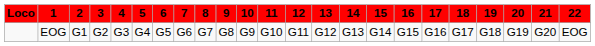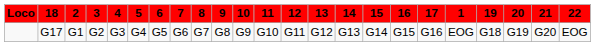 <table class="wikitable plainrowheaders unsortable" style="text-align:center">
 <tr>
 <th scope="col" rowspan="1" style="background:RED;">Loco</th>
-<th scope="col" rowspan="1" style="background:RED;">1</th>
+<th rowspan="1" scope="col" style="background:RED;">18</th>
 <th scope="col" rowspan="1" style="background:RED;">2</th>
 <th scope="col" rowspan="1" style="background:RED;">3</th>
 <th scope="col" rowspan="1" style="background:RED;">4</th>
 <th scope="col" rowspan="1" style="background:RED;">5</th>
 <th scope="col" rowspan="1" style="background:RED;">6</th>
 <th scope="col" rowspan="1" style="background:RED;">7</th>
 <th scope="col" rowspan="1" style="background:RED;">8</th>
 <th scope="col" rowspan="1" style="background:RED;">9</th>
 <th scope="col" rowspan="1" style="background:RED;">10</th>
 <th scope="col" rowspan="1" style="background:RED;">11</th>
 <th scope="col" rowspan="1" style="background:RED;">12</th>
 <th scope="col" rowspan="1" style="background:RED;">13</th>
 <th scope="col" rowspan="1" style="background:RED;">14</th>
 <th scope="col" rowspan="1" style="background:RED;">15</th>
 <th scope="col" rowspan="1" style="background:RED;">16</th>
 <th scope="col" rowspan="1" style="background:RED;">17</th>
-<th rowspan="1" scope="col" style="background:RED;">18</th>
+<th scope="col" rowspan="1" style="background:RED;">1</th>
 <th rowspan="1" scope="col" style="background:RED;">19</th>
 <th rowspan="1" scope="col" style="background:RED;">20</th>
 <th rowspan="1" scope="col" style="background:RED;">21</th>
 <th rowspan="1" scope="col" style="background:RED;">22</th>
 </tr>
 <tr>
 <td></td>
-<td>EOG</td>
+<td>G17</td>
 <td>G1</td>
 <td>G2</td>
 <td>G3</td>
 <td>G4</td>
 <td>G5</td>
 <td>G6</td>
 <td>G7</td>
 <td>G8</td>
 <td>G9</td>
 <td>G10</td>
 <td>G11</td>
 <td>G12</td>
 <td>G13</td>
 <td>G14</td>
 <td>G15</td>
 <td>G16</td>
-<td>G17</td>
+<td>EOG</td>
 <td>G18</td>
 <td>G19</td>
 <td>G20</td>
 <td>EOG</td>
 </tr>
 </table>
